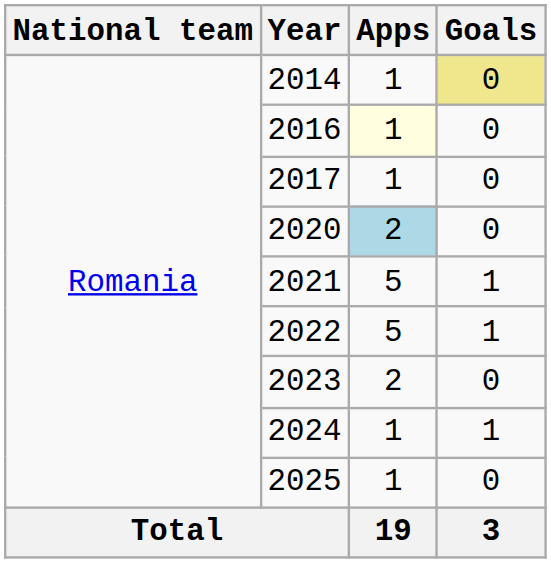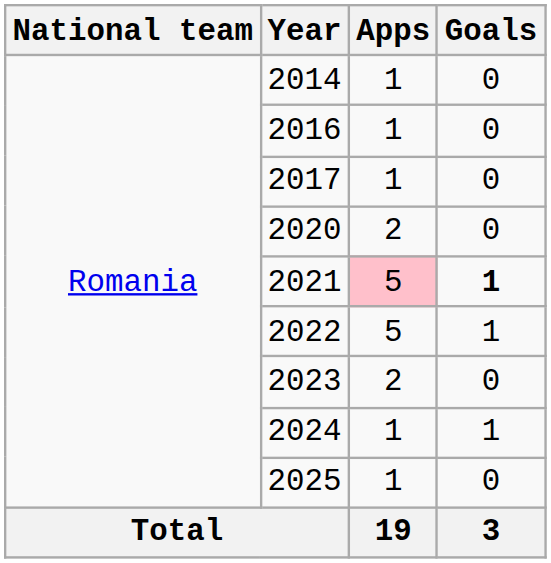 <table class="wikitable" style="text-align:center">
 <tr>
 <th>National team</th>
 <th>Year</th>
 <th>Apps</th>
 <th>Goals</th>
 </tr>
 <tr>
 <td rowspan="9"><a href='#'>Romania</a></td>
 <td>2014</td>
 <td>1</td>
-<td style="background: khaki;">0</td>
+<td>0</td>
 </tr>
 <tr>
 <td>2016</td>
-<td style="background: lightyellow;">1</td>
+<td>1</td>
 <td>0</td>
 </tr>
 <tr>
 <td>2017</td>
 <td>1</td>
 <td>0</td>
 </tr>
 <tr>
 <td>2020</td>
-<td style="background: lightblue;">2</td>
+<td>2</td>
 <td>0</td>
 </tr>
 <tr>
 <td>2021</td>
-<td>5</td>
-<td>1</td>
+<td style="background: pink;">5</td>
+<td><strong>1</strong></td>
 </tr>
 <tr>
 <td>2022</td>
 <td>5</td>
 <td>1</td>
 </tr>
 <tr>
 <td>2023</td>
 <td>2</td>
 <td>0</td>
 </tr>
 <tr>
 <td>2024</td>
 <td>1</td>
 <td>1</td>
 </tr>
 <tr>
 <td>2025</td>
 <td>1</td>
 <td>0</td>
 </tr>
 <tr>
 <th colspan=2>Total</th>
 <th>19</th>
 <th>3</th>
 </tr>
 </table>
